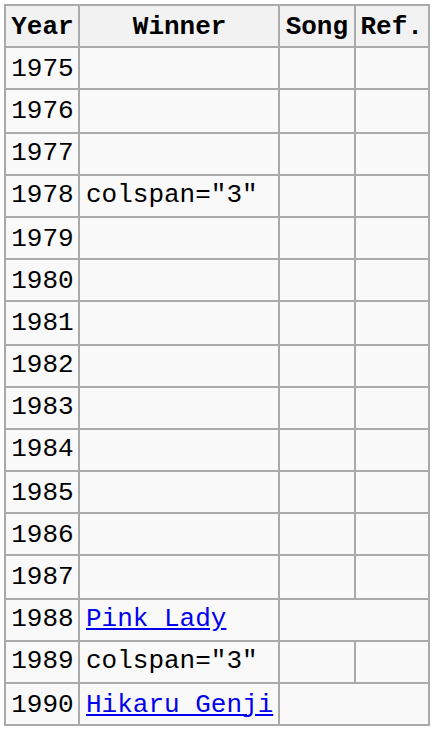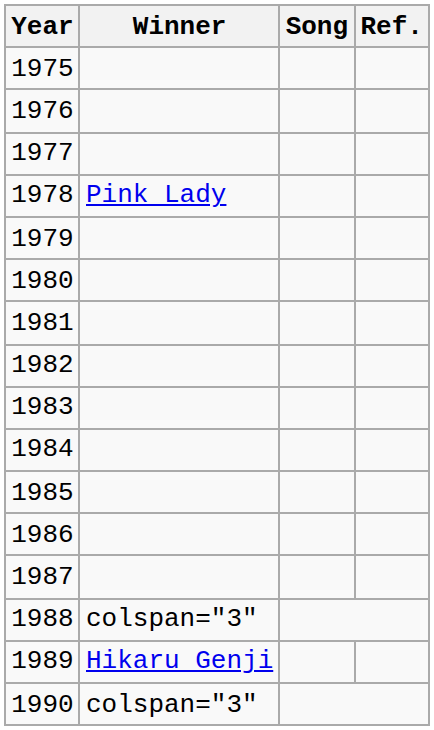 <table class="wikitable sortable">
 <tr>
 <th scope="col">Year</th>
 <th scope="col">Winner</th>
 <th scope="col">Song</th>
 <th scope="col" class="unsortable">Ref.</th>
 </tr>
 <tr>
 <td scope="row" align="center">1975</td>
 <td></td>
 <td></td>
 <td></td>
 </tr>
 <tr>
 <td scope="row" align="center">1976</td>
 <td></td>
 <td></td>
 <td></td>
 </tr>
 <tr>
 <td scope="row" align="center">1977</td>
 <td></td>
 <td></td>
 <td></td>
 </tr>
 <tr>
 <td scope="row" align="center">1978</td>
-<td>colspan="3" </td>
+<td><a href='#'>Pink Lady</a></td>
 <td></td>
 <td></td>
 </tr>
 <tr>
 <td scope="row" align="center">1979</td>
 <td></td>
 <td></td>
 <td></td>
 </tr>
 <tr>
 <td scope="row" align="center">1980</td>
 <td></td>
 <td></td>
 <td></td>
 </tr>
 <tr>
 <td scope="row" align="center">1981</td>
 <td></td>
 <td></td>
 <td></td>
 </tr>
 <tr>
 <td scope="row" align="center">1982</td>
 <td></td>
 <td></td>
 <td></td>
 </tr>
 <tr>
 <td scope="row" align="center">1983</td>
 <td></td>
 <td></td>
 <td></td>
 </tr>
 <tr>
 <td scope="row" align="center">1984</td>
 <td></td>
 <td></td>
 <td></td>
 </tr>
 <tr>
 <td scope="row" align="center">1985</td>
 <td></td>
 <td></td>
 <td></td>
 </tr>
 <tr>
 <td scope="row" align="center">1986</td>
 <td></td>
 <td></td>
 <td></td>
 </tr>
 <tr>
 <td scope="row" align="center">1987</td>
 <td></td>
 <td></td>
 <td></td>
 </tr>
 <tr>
 <td scope="row" align="center">1988</td>
-<td><a href='#'>Pink Lady</a></td>
+<td>colspan="3" </td>
 </tr>
 <tr>
 <td scope="row" align="center">1989</td>
-<td>colspan="3" </td>
+<td><a href='#'>Hikaru Genji</a></td>
 <td></td>
 <td></td>
 </tr>
 <tr>
 <td scope="row" align="center">1990</td>
-<td><a href='#'>Hikaru Genji</a></td>
+<td>colspan="3" </td>
 </tr>
 </table>
